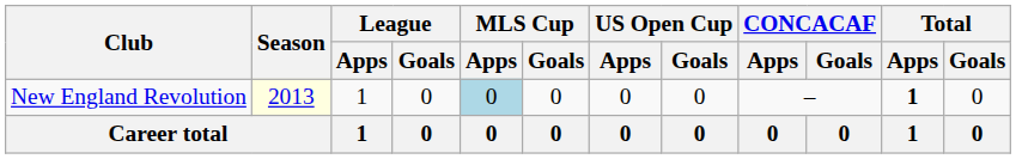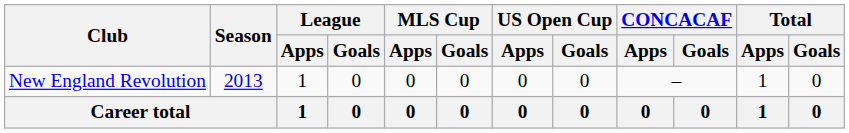 <table class="wikitable" style="text-align:center">
 <tr>
 <th rowspan="2">Club</th>
 <th rowspan="2">Season</th>
 <th colspan="2">League</th>
 <th colspan="2">MLS Cup</th>
 <th colspan="2">US Open Cup</th>
 <th colspan="2"><a href='#'>CONCACAF</a></th>
 <th colspan="2">Total</th>
 </tr>
 <tr>
 <th>Apps</th>
 <th>Goals</th>
 <th>Apps</th>
 <th>Goals</th>
 <th>Apps</th>
 <th>Goals</th>
 <th>Apps</th>
 <th>Goals</th>
 <th>Apps</th>
 <th>Goals</th>
 </tr>
 <tr>
 <td><a href='#'>New England Revolution</a></td>
-<td style="background: lightyellow;"><a href='#'>2013</a></td>
+<td><a href='#'>2013</a></td>
 <td>1</td>
 <td>0</td>
-<td style="background: lightblue;">0</td>
+<td>0</td>
 <td>0</td>
 <td>0</td>
 <td>0</td>
 <td colspan="2">–</td>
-<td><strong>1</strong></td>
+<td>1</td>
 <td>0</td>
 </tr>
 <tr>
 <th colspan="2">Career total</th>
 <th>1</th>
 <th>0</th>
 <th>0</th>
 <th>0</th>
 <th>0</th>
 <th>0</th>
 <th>0</th>
 <th>0</th>
 <th>1</th>
 <th>0</th>
 </tr>
 </table>
